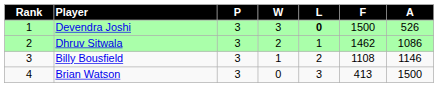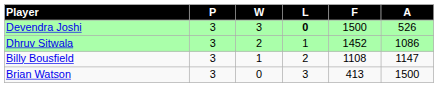 <table border="2" cellpadding="2" cellspacing="0" style="margin: 0; background: #f9f9f9; border: 1px #aaa solid; border-collapse: collapse; font-size: 100%;" width=50%>
 <tr>
-<th bgcolor="000000" style="color:white; text-align:center" width=5%>Rank</th>
 <th bgcolor="000000" style="color:white; text-align:left" width=20%>Player</th>
 <th bgcolor="000000" style="color:white; text-align:center" width=5%>P</th>
 <th bgcolor="000000" style="color:white; text-align:center" width=5%>W</th>
 <th bgcolor="000000" style="color:white; text-align:center" width=5%>L</th>
 <th bgcolor="000000" style="color:white; text-align:center" width=5%>F</th>
 <th bgcolor="000000" style="color:white; text-align:center" width=5%>A</th>
 </tr>
 <tr>
-<td style="text-align:center; background:#aaffaa">1</td>
 <td style="text-align:left; background:#aaffaa"> <a href='#'>Devendra Joshi</a></td>
 <td style="text-align:center; background:#aaffaa">3</td>
 <td style="text-align:center; background:#aaffaa">3</td>
 <td style="text-align:center; background:#aaffaa"><strong>0</strong></td>
 <td style="text-align:center; background:#aaffaa">1500</td>
 <td style="text-align:center; background:#aaffaa">526</td>
 </tr>
 <tr>
-<td style="text-align:center; background:#aaffaa">2</td>
 <td style="text-align:left; background:#aaffaa"> <a href='#'>Dhruv Sitwala</a></td>
 <td style="text-align:center; background:#aaffaa">3</td>
 <td style="text-align:center; background:#aaffaa">2</td>
 <td style="text-align:center; background:#aaffaa">1</td>
-<td style="text-align:center; background:#aaffaa">1462</td>
+<td style="text-align:center; background:#aaffaa">1452</td>
 <td style="text-align:center; background:#aaffaa">1086</td>
 </tr>
 <tr>
-<td style="text-align:center">3</td>
 <td style="text-align:left;"> <a href='#'>Billy Bousfield</a></td>
 <td style="text-align:center;">3</td>
 <td style="text-align:center;">1</td>
 <td style="text-align:center;">2</td>
 <td style="text-align:center;">1108</td>
-<td style="text-align:center;">1146</td>
+<td style="text-align:center;">1147</td>
 </tr>
 <tr>
-<td style="text-align:center">4</td>
 <td style="text-align:left;"> <a href='#'>Brian Watson</a></td>
 <td style="text-align:center;">3</td>
 <td style="text-align:center;">0</td>
 <td style="text-align:center;">3</td>
 <td style="text-align:center;">413</td>
 <td style="text-align:center;">1500</td>
 </tr>
 </table>
